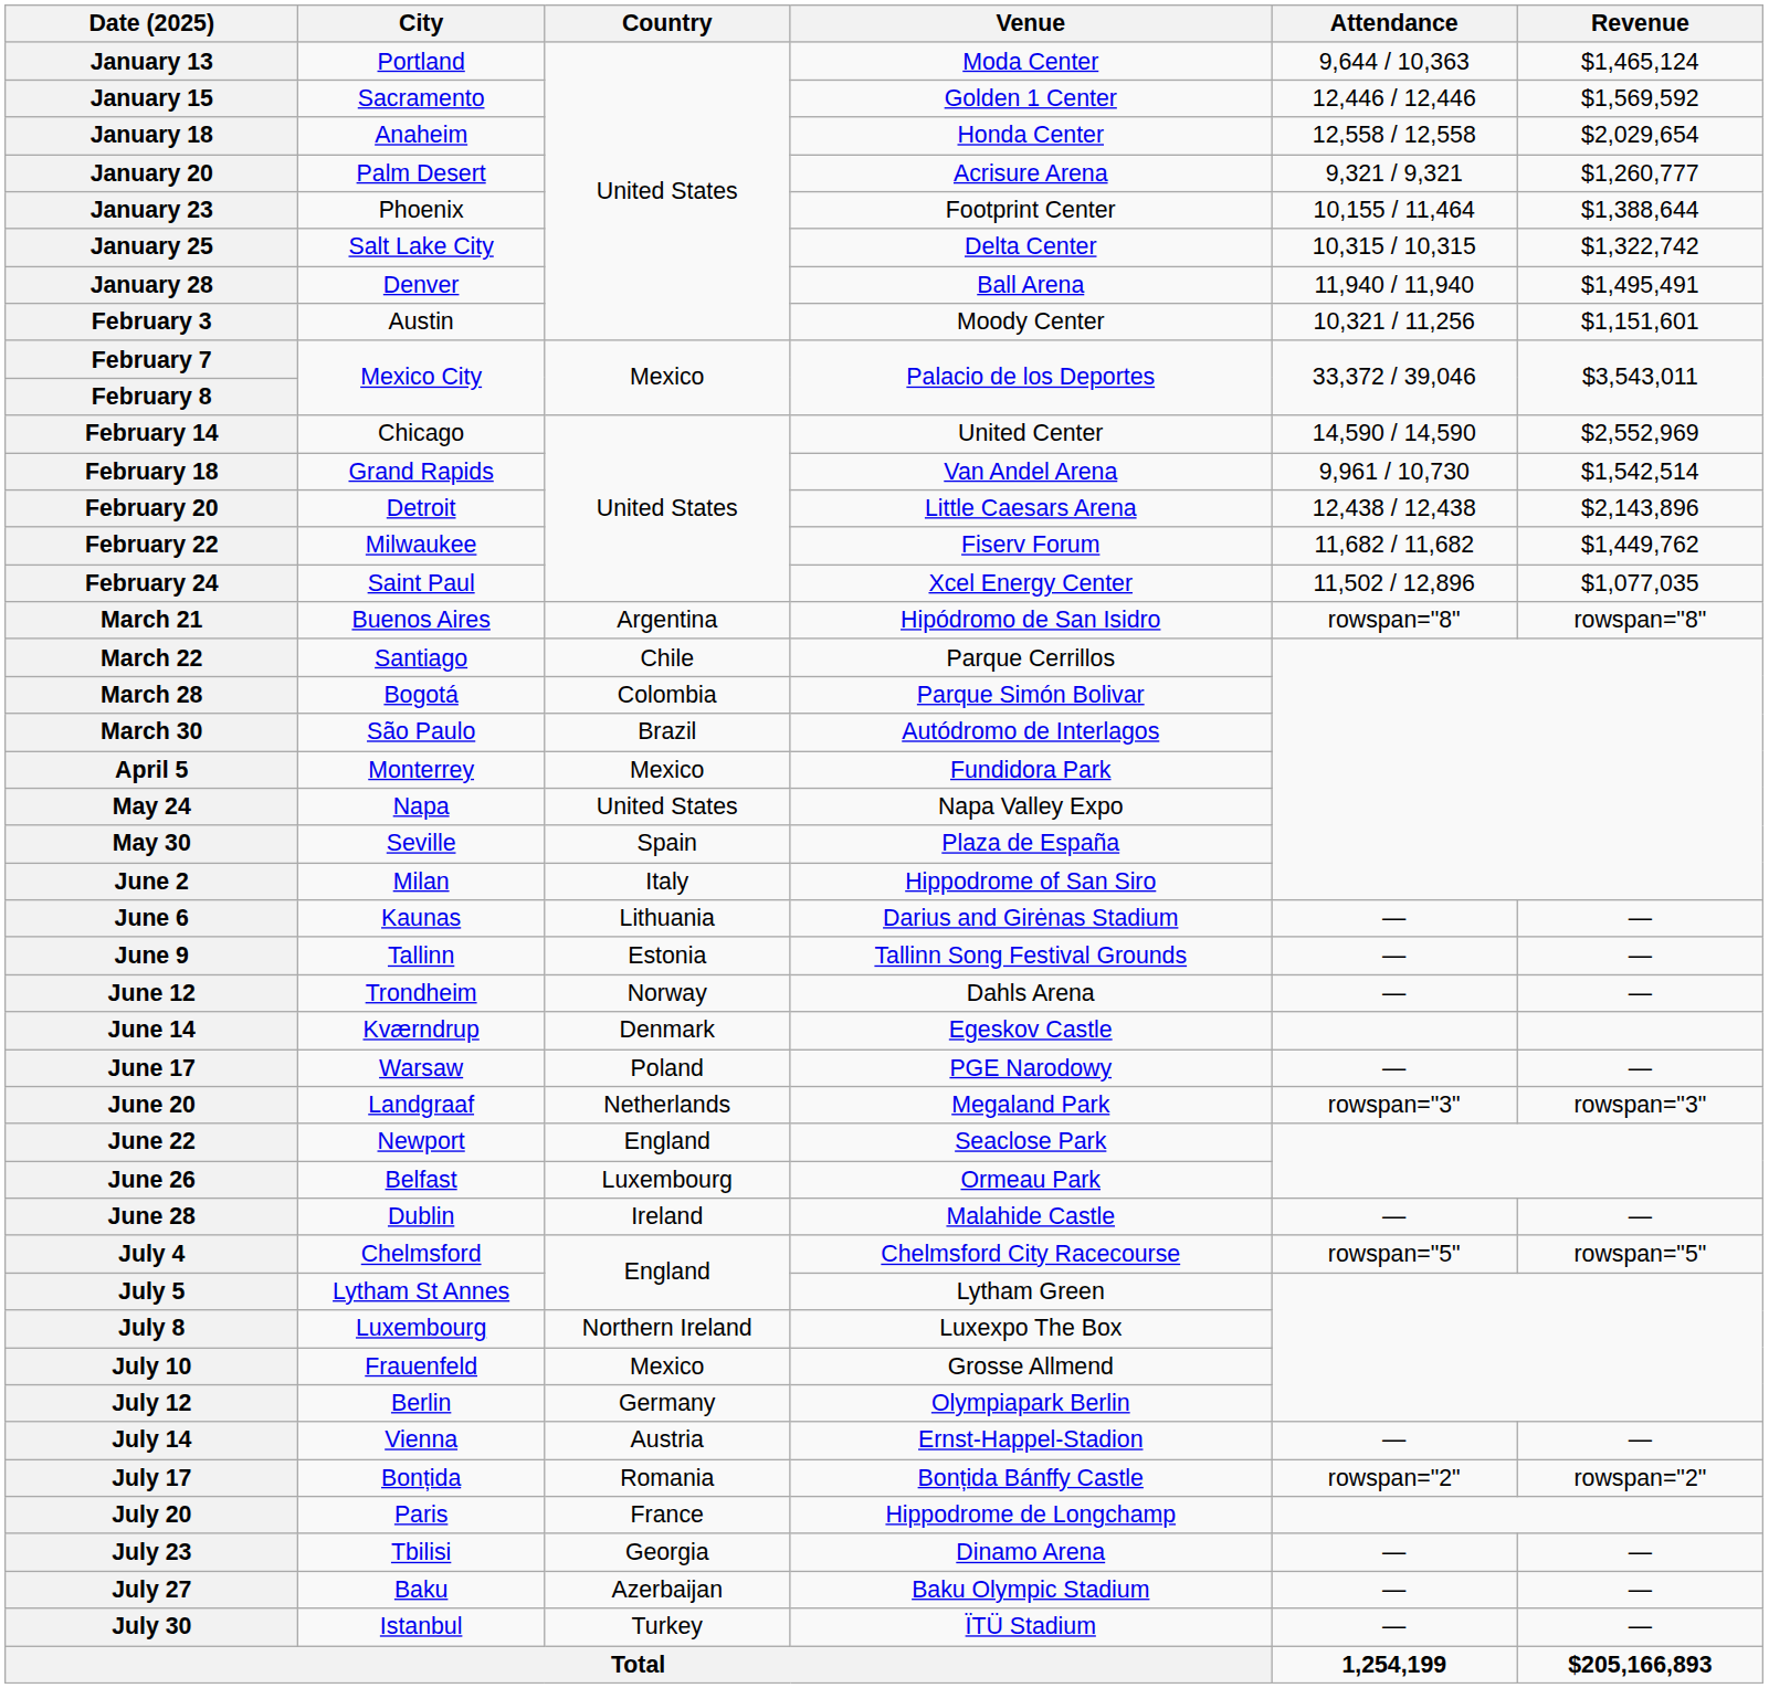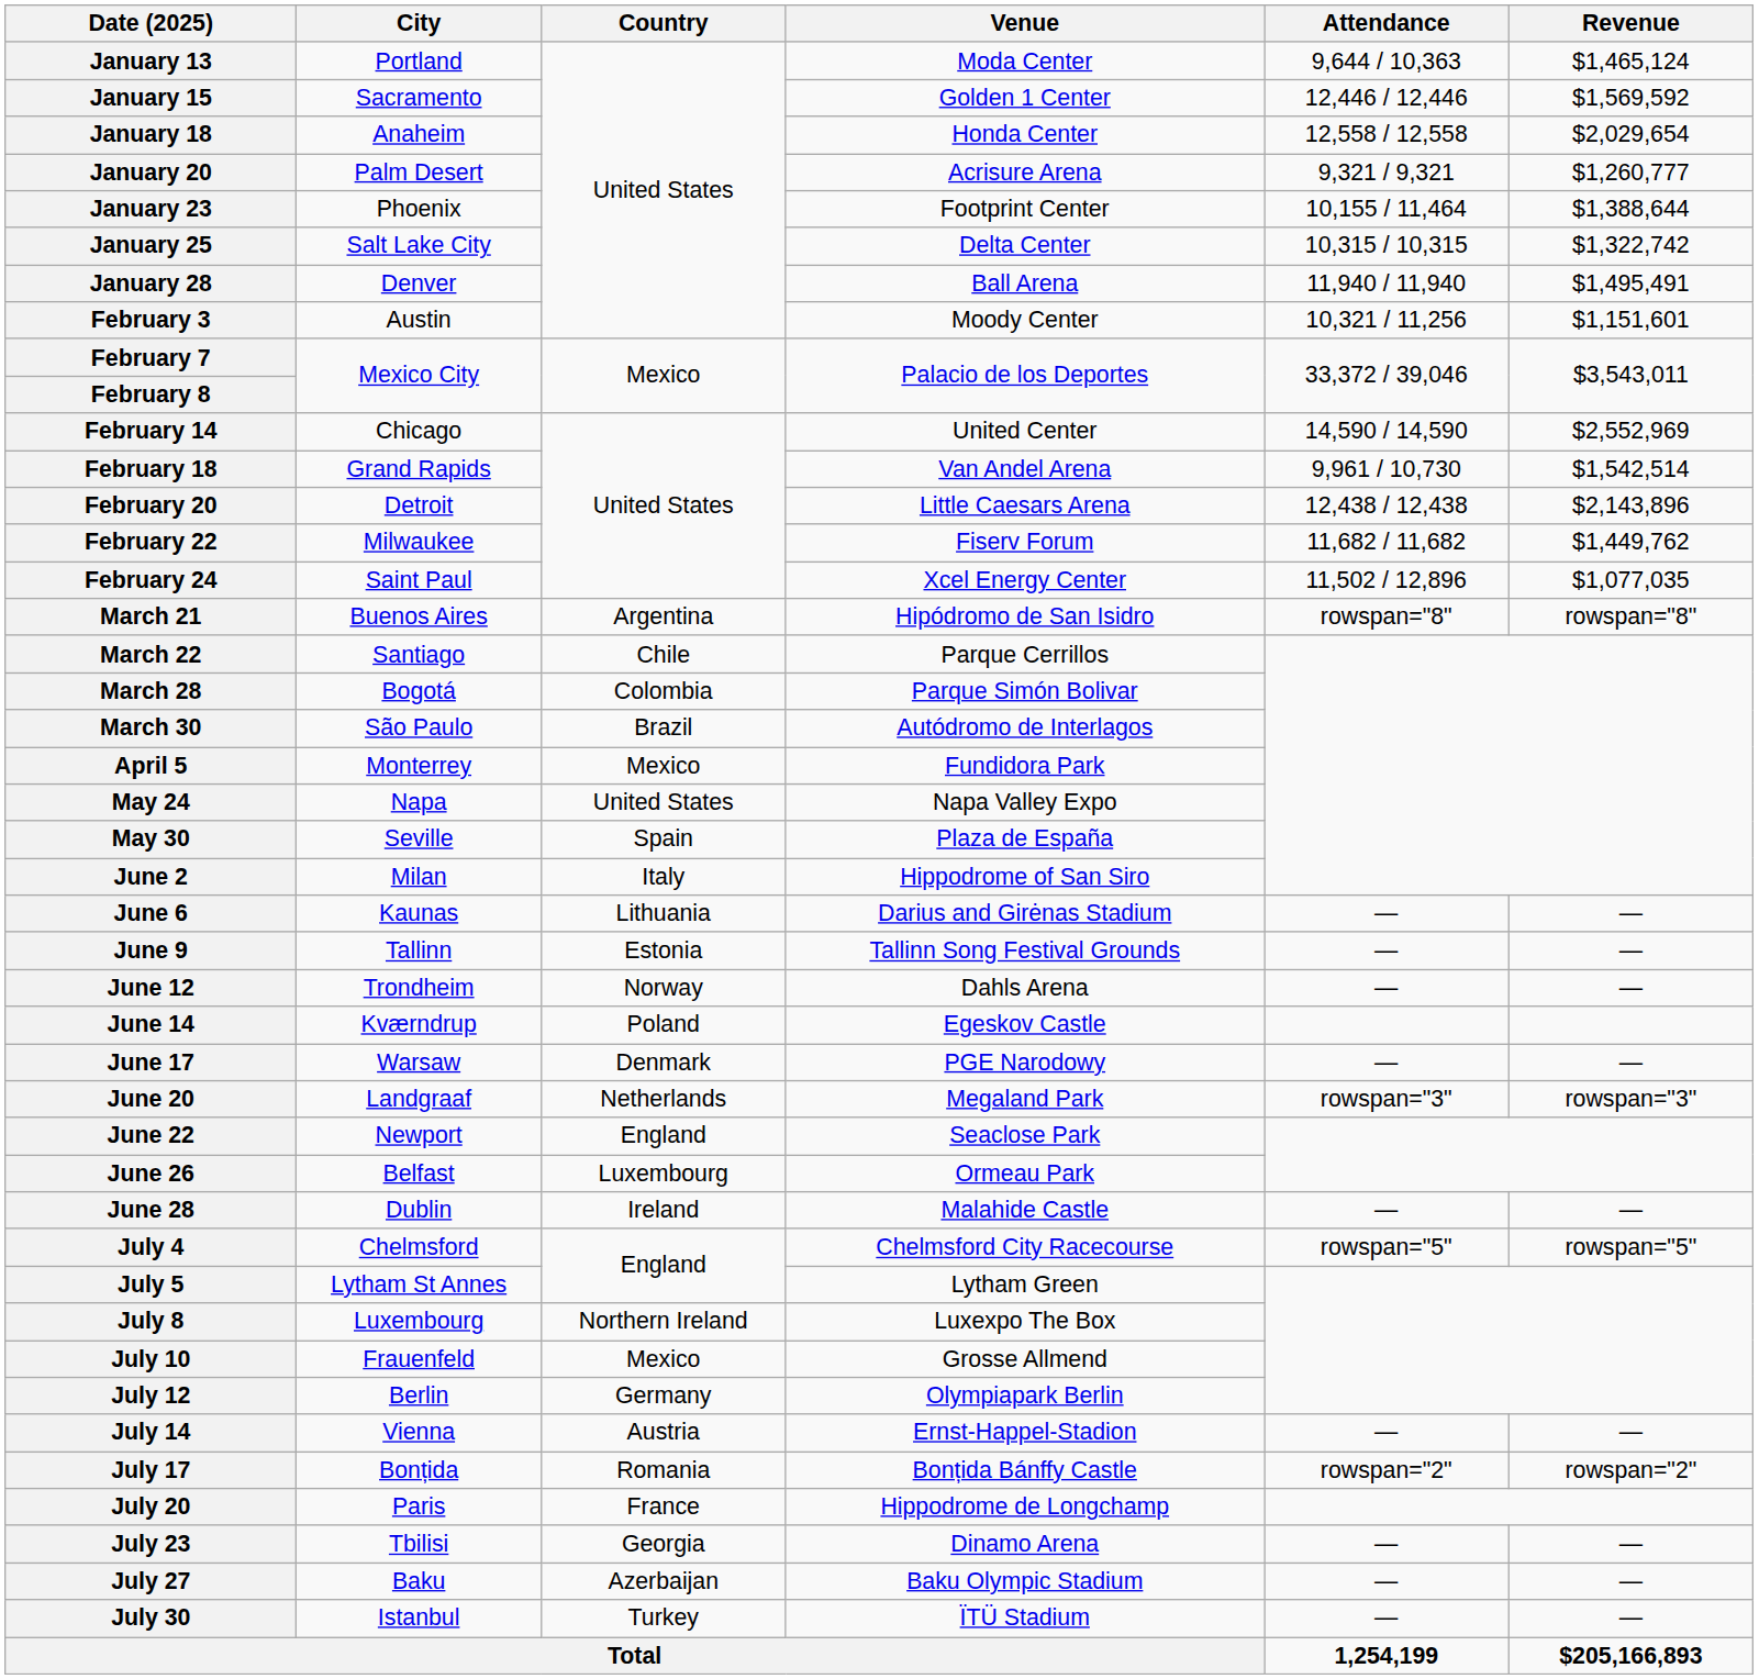 <table class="wikitable plainrowheaders" style="text-align:center;">
 <tr>
 <th scope="col" style="width:12em;">Date (2025)</th>
 <th scope="col" style="width:10em;">City</th>
 <th scope="col" style="width:10em;">Country</th>
 <th scope="col" style="width:20em;">Venue</th>
 <th scope="col" style="width:10em;">Attendance</th>
 <th scope="col" style="width:10em;">Revenue</th>
 </tr>
 <tr>
 <th scope="row" style="text-align:center;">January 13</th>
 <td><a href='#'>Portland</a></td>
 <td rowspan="8">United States</td>
 <td><a href='#'>Moda Center</a></td>
 <td>9,644 / 10,363</td>
 <td>$1,465,124</td>
 </tr>
 <tr>
 <th scope="row" style="text-align:center;">January 15</th>
 <td><a href='#'>Sacramento</a></td>
 <td><a href='#'>Golden 1 Center</a></td>
 <td>12,446 / 12,446</td>
 <td>$1,569,592</td>
 </tr>
 <tr>
 <th scope="row" style="text-align:center;">January 18</th>
 <td><a href='#'>Anaheim</a></td>
 <td><a href='#'>Honda Center</a></td>
 <td>12,558 / 12,558</td>
 <td>$2,029,654</td>
 </tr>
 <tr>
 <th scope="row" style="text-align:center;">January 20</th>
 <td><a href='#'>Palm Desert</a></td>
 <td><a href='#'>Acrisure Arena</a></td>
 <td>9,321 / 9,321</td>
 <td>$1,260,777</td>
 </tr>
 <tr>
 <th scope="row" style="text-align:center;">January 23</th>
 <td>Phoenix</td>
 <td>Footprint Center</td>
 <td>10,155 / 11,464</td>
 <td>$1,388,644</td>
 </tr>
 <tr>
 <th scope="row" style="text-align:center;">January 25</th>
 <td><a href='#'>Salt Lake City</a></td>
 <td><a href='#'>Delta Center</a></td>
 <td>10,315 / 10,315</td>
 <td>$1,322,742</td>
 </tr>
 <tr>
 <th scope="row" style="text-align:center;">January 28</th>
 <td><a href='#'>Denver</a></td>
 <td><a href='#'>Ball Arena</a></td>
 <td>11,940 / 11,940</td>
 <td>$1,495,491</td>
 </tr>
 <tr>
 <th scope="row" style="text-align:center;">February 3</th>
 <td>Austin</td>
 <td>Moody Center</td>
 <td>10,321 / 11,256</td>
 <td>$1,151,601</td>
 </tr>
 <tr>
 <th scope="row" style="text-align:center;">February 7</th>
 <td rowspan="2"><a href='#'>Mexico City</a></td>
 <td rowspan="2">Mexico</td>
 <td rowspan="2"><a href='#'>Palacio de los Deportes</a></td>
 <td rowspan="2">33,372 / 39,046</td>
 <td rowspan="2">$3,543,011</td>
 </tr>
 <tr>
 <th scope="row" style="text-align:center;">February 8</th>
 </tr>
 <tr>
 <th scope="row" style="text-align:center;">February 14</th>
 <td>Chicago</td>
 <td rowspan="5">United States</td>
 <td>United Center</td>
 <td>14,590 / 14,590</td>
 <td>$2,552,969</td>
 </tr>
 <tr>
 <th scope="row" style="text-align:center;">February 18</th>
 <td><a href='#'>Grand Rapids</a></td>
 <td><a href='#'>Van Andel Arena</a></td>
 <td>9,961 / 10,730</td>
 <td>$1,542,514</td>
 </tr>
 <tr>
 <th scope="row" style="text-align:center;">February 20</th>
 <td><a href='#'>Detroit</a></td>
 <td><a href='#'>Little Caesars Arena</a></td>
 <td>12,438 / 12,438</td>
 <td>$2,143,896</td>
 </tr>
 <tr>
 <th scope="row" style="text-align:center;">February 22</th>
 <td><a href='#'>Milwaukee</a></td>
 <td><a href='#'>Fiserv Forum</a></td>
 <td>11,682 / 11,682</td>
 <td>$1,449,762</td>
 </tr>
 <tr>
 <th scope="row" style="text-align:center;">February 24</th>
 <td><a href='#'>Saint Paul</a></td>
 <td><a href='#'>Xcel Energy Center</a></td>
 <td>11,502 / 12,896</td>
 <td>$1,077,035</td>
 </tr>
 <tr>
 <th scope="row" style="text-align:center;">March 21</th>
 <td><a href='#'>Buenos Aires</a></td>
 <td>Argentina</td>
 <td><a href='#'>Hipódromo de San Isidro</a></td>
 <td>rowspan="8" </td>
 <td>rowspan="8" </td>
 </tr>
 <tr>
 <th scope="row" style="text-align:center;">March 22</th>
 <td><a href='#'>Santiago</a></td>
 <td>Chile</td>
 <td>Parque Cerrillos</td>
 </tr>
 <tr>
 <th scope="row" style="text-align:center;">March 28</th>
 <td><a href='#'>Bogotá</a></td>
 <td>Colombia</td>
 <td><a href='#'>Parque Simón Bolivar</a></td>
 </tr>
 <tr>
 <th scope="row" style="text-align:center;">March 30</th>
 <td><a href='#'>São Paulo</a></td>
 <td>Brazil</td>
 <td><a href='#'>Autódromo de Interlagos</a></td>
 </tr>
 <tr>
 <th scope="row" style="text-align:center;">April 5</th>
 <td><a href='#'>Monterrey</a></td>
 <td>Mexico</td>
 <td><a href='#'>Fundidora Park</a></td>
 </tr>
 <tr>
 <th scope="row" style="text-align:center;">May 24</th>
 <td><a href='#'>Napa</a></td>
 <td>United States</td>
 <td>Napa Valley Expo</td>
 </tr>
 <tr>
 <th scope="row" style="text-align:center;">May 30</th>
 <td><a href='#'>Seville</a></td>
 <td>Spain</td>
 <td><a href='#'>Plaza de España</a></td>
 </tr>
 <tr>
 <th scope="row" style="text-align:center;">June 2</th>
 <td><a href='#'>Milan</a></td>
 <td>Italy</td>
 <td><a href='#'>Hippodrome of San Siro</a></td>
 </tr>
 <tr>
 <th scope="row" style="text-align:center;">June 6</th>
 <td><a href='#'>Kaunas</a></td>
 <td>Lithuania</td>
 <td><a href='#'>Darius and Girėnas Stadium</a></td>
 <td>—</td>
 <td>—</td>
 </tr>
 <tr>
 <th scope="row" style="text-align:center;">June 9</th>
 <td><a href='#'>Tallinn</a></td>
 <td>Estonia</td>
 <td><a href='#'>Tallinn Song Festival Grounds</a></td>
 <td>—</td>
 <td>—</td>
 </tr>
 <tr>
 <th scope="row" style="text-align:center;">June 12</th>
 <td><a href='#'>Trondheim</a></td>
 <td>Norway</td>
 <td>Dahls Arena</td>
 <td>—</td>
 <td>—</td>
 </tr>
 <tr>
 <th scope="row" style="text-align:center;">June 14</th>
 <td><a href='#'>Kværndrup</a></td>
-<td>Denmark</td>
+<td>Poland</td>
 <td><a href='#'>Egeskov Castle</a></td>
 <td></td>
 <td></td>
 </tr>
 <tr>
 <th scope="row" style="text-align:center;">June 17</th>
 <td><a href='#'>Warsaw</a></td>
-<td>Poland</td>
+<td>Denmark</td>
 <td><a href='#'>PGE Narodowy</a></td>
 <td>—</td>
 <td>—</td>
 </tr>
 <tr>
 <th scope="row" style="text-align:center;">June 20</th>
 <td><a href='#'>Landgraaf</a></td>
 <td>Netherlands</td>
 <td><a href='#'>Megaland Park</a></td>
 <td>rowspan="3" </td>
 <td>rowspan="3" </td>
 </tr>
 <tr>
 <th scope="row" style="text-align:center;">June 22</th>
 <td><a href='#'>Newport</a></td>
 <td>England</td>
 <td><a href='#'>Seaclose Park</a></td>
 </tr>
 <tr>
 <th scope="row" style="text-align:center;">June 26</th>
 <td><a href='#'>Belfast</a></td>
 <td>Luxembourg</td>
 <td><a href='#'>Ormeau Park</a></td>
 </tr>
 <tr>
 <th scope="row" style="text-align:center;">June 28</th>
 <td><a href='#'>Dublin</a></td>
 <td>Ireland</td>
 <td><a href='#'>Malahide Castle</a></td>
 <td>—</td>
 <td>—</td>
 </tr>
 <tr>
 <th scope="row" style="text-align:center;">July 4</th>
 <td><a href='#'>Chelmsford</a></td>
 <td rowspan="2">England</td>
 <td><a href='#'>Chelmsford City Racecourse</a></td>
 <td>rowspan="5" </td>
 <td>rowspan="5" </td>
 </tr>
 <tr>
 <th scope="row" style="text-align:center;">July 5</th>
 <td><a href='#'>Lytham St Annes</a></td>
 <td>Lytham Green</td>
 </tr>
 <tr>
 <th scope="row" style="text-align:center;">July 8</th>
 <td><a href='#'>Luxembourg</a></td>
 <td>Northern Ireland</td>
 <td>Luxexpo The Box</td>
 </tr>
 <tr>
 <th scope="row" style="text-align:center;">July 10</th>
 <td><a href='#'>Frauenfeld</a></td>
 <td>Mexico</td>
 <td>Grosse Allmend</td>
 </tr>
 <tr>
 <th scope="row" style="text-align:center;">July 12</th>
 <td><a href='#'>Berlin</a></td>
 <td>Germany</td>
 <td><a href='#'>Olympiapark Berlin</a></td>
 </tr>
 <tr>
 <th scope="row" style="text-align:center;">July 14</th>
 <td><a href='#'>Vienna</a></td>
 <td>Austria</td>
 <td><a href='#'>Ernst-Happel-Stadion</a></td>
 <td>—</td>
 <td>—</td>
 </tr>
 <tr>
 <th scope="row" style="text-align:center;">July 17</th>
 <td><a href='#'>Bonțida</a></td>
 <td>Romania</td>
 <td><a href='#'>Bonțida Bánffy Castle</a></td>
 <td>rowspan="2" </td>
 <td>rowspan="2" </td>
 </tr>
 <tr>
 <th scope="row" style="text-align:center;">July 20</th>
 <td><a href='#'>Paris</a></td>
 <td>France</td>
 <td><a href='#'>Hippodrome de Longchamp</a></td>
 </tr>
 <tr>
 <th scope="row" style="text-align:center;">July 23</th>
 <td><a href='#'>Tbilisi</a></td>
 <td>Georgia</td>
 <td><a href='#'>Dinamo Arena</a></td>
 <td>—</td>
 <td>—</td>
 </tr>
 <tr>
 <th scope="row" style="text-align:center;">July 27</th>
 <td><a href='#'>Baku</a></td>
 <td>Azerbaijan</td>
 <td><a href='#'>Baku Olympic Stadium</a></td>
 <td>—</td>
 <td>—</td>
 </tr>
 <tr>
 <th scope="row" style="text-align:center;">July 30</th>
 <td><a href='#'>Istanbul</a></td>
 <td>Turkey</td>
 <td><a href='#'>ÏTÜ Stadium</a></td>
 <td>—</td>
 <td>—</td>
 </tr>
 <tr>
 <th colspan="4">Total</th>
 <td><strong>1,254,199</strong></td>
 <td><strong>$205,166,893</strong></td>
 </tr>
 </table>
